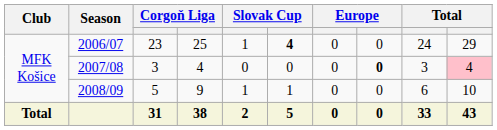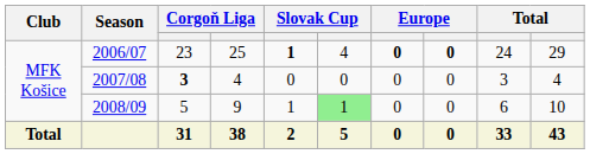 <table class="wikitable" align=center style="font-size:90%; text-align: center;">
 <tr>
 <th width=60 rowspan="2">Club</th>
 <th width=60 rowspan="2">Season</th>
 <th width=80 colspan="2"><a href='#'>Corgoň Liga</a></th>
 <th width=80 colspan="2"><a href='#'>Slovak Cup</a></th>
 <th width=80 colspan="2"><a href='#'>Europe</a></th>
 <th width=80 colspan="2">Total</th>
 </tr>
 <tr align=center>
 <th width=40 App></th>
 <th width=40 abbr="Goals against"></th>
 <th width=40 App></th>
 <th width=40 abbr="Goals against"></th>
 <th width=40 App></th>
 <th width=40 abbr="Goals against"></th>
 <th width=40 App></th>
 <th width=40 abbr="Goals against"></th>
 </tr>
 <tr align=center>
 <td rowspan="3" valign=center><a href='#'>MFK Košice</a></td>
 <td><a href='#'>2006/07</a></td>
 <td>23</td>
 <td>25</td>
-<td>1</td>
-<td><strong>4</strong></td>
-<td>0</td>
-<td>0</td>
+<td><strong>1</strong></td>
+<td>4</td>
+<td><strong>0</strong></td>
+<td><strong>0</strong></td>
 <td>24</td>
 <td>29</td>
 </tr>
 <tr align=center>
 <td><a href='#'>2007/08</a></td>
-<td>3</td>
+<td><strong>3</strong></td>
 <td>4</td>
 <td>0</td>
 <td>0</td>
 <td>0</td>
-<td><strong>0</strong></td>
+<td>0</td>
 <td>3</td>
-<td style="background: pink;">4</td>
+<td>4</td>
 </tr>
 <tr align=center>
 <td><a href='#'>2008/09</a></td>
 <td>5</td>
 <td>9</td>
 <td>1</td>
-<td>1</td>
+<td style="background: lightgreen;">1</td>
 <td>0</td>
 <td>0</td>
 <td>6</td>
 <td>10</td>
 </tr>
 <tr align=center>
 <th align=left style="background:beige">Total</th>
 <th align=left style="background:beige"></th>
 <th align=left style="background:beige">31</th>
 <th align=left style="background:beige">38</th>
 <th align=left style="background:beige">2</th>
 <th align=left style="background:beige">5</th>
 <th align=left style="background:beige">0</th>
 <th align=left style="background:beige">0</th>
 <th align=left style="background:beige">33</th>
 <th align=left style="background:beige">43</th>
 </tr>
 </table>
